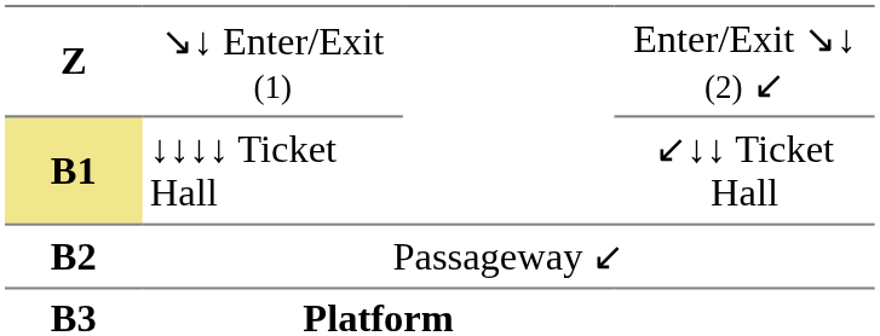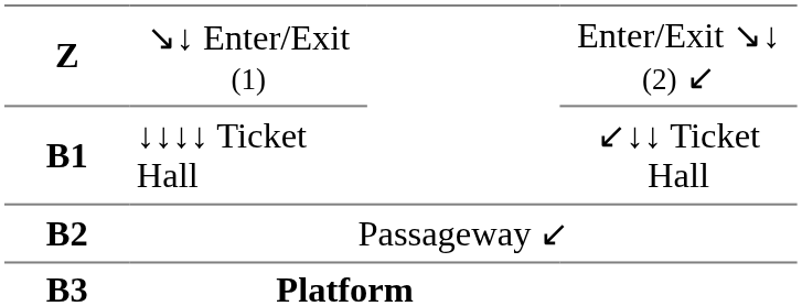 <table table border=0 cellspacing=0 cellpadding=3>
 <tr>
 <td style="border-top:solid 1px gray;" width="50" align=center><strong>Z</strong></td>
 <td style="border-top:solid 1px gray;" width="100" align=center>↘↓ Enter/Exit<br><small>(1)</small></td>
 <td rowspan="3" style="border-top:solid 1px gray;" width="80" align=center></td>
 <td style="border-top:solid 1px gray;" width="100" align=center>Enter/Exit ↘↓<br><small>(2)</small> ↙</td>
 </tr>
 <tr>
-<td style="background: khaki; border-top:solid 1px gray;" width="50" align=center><strong>B1</strong></td>
+<td style="border-top:solid 1px gray;" width="50" align=center><strong>B1</strong></td>
 <td style="border-top:solid 1px gray;" width="100" align=left>↓↓↓↓ Ticket Hall</td>
 <td style="border-top:solid 1px gray;" width="80" align=center>↙↓↓ Ticket Hall</td>
 </tr>
 <tr>
 <td style="border-top:solid 1px gray;" width="50" align=center><strong>B2</strong></td>
 <td colspan="3" style="border-top:solid 1px gray;" width="80" align=center>Passageway ↙</td>
 </tr>
 <tr>
 <td style="border-top:solid 1px gray;" width="50" align=center><strong>B3</strong></td>
 <td colspan="2" style="border-top:solid 1px gray;" width="80" align=center><strong>Platform</strong></td>
 <td style="border-top:solid 1px gray;" width="80" align=center></td>
 </tr>
 </table>
